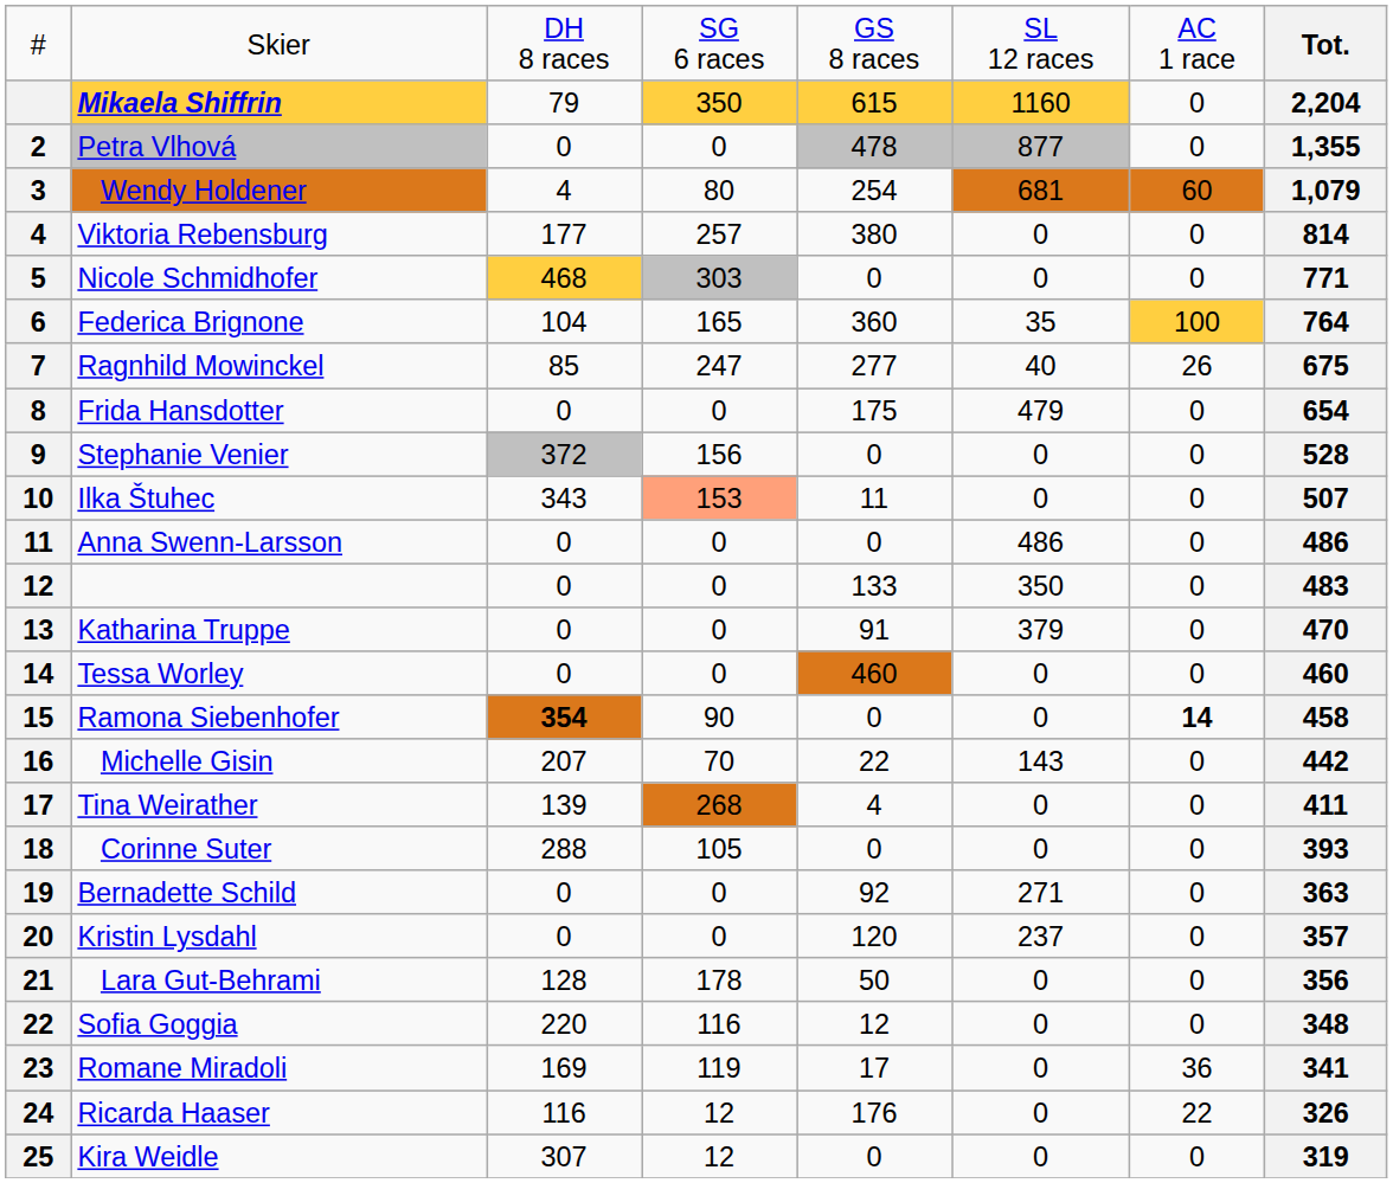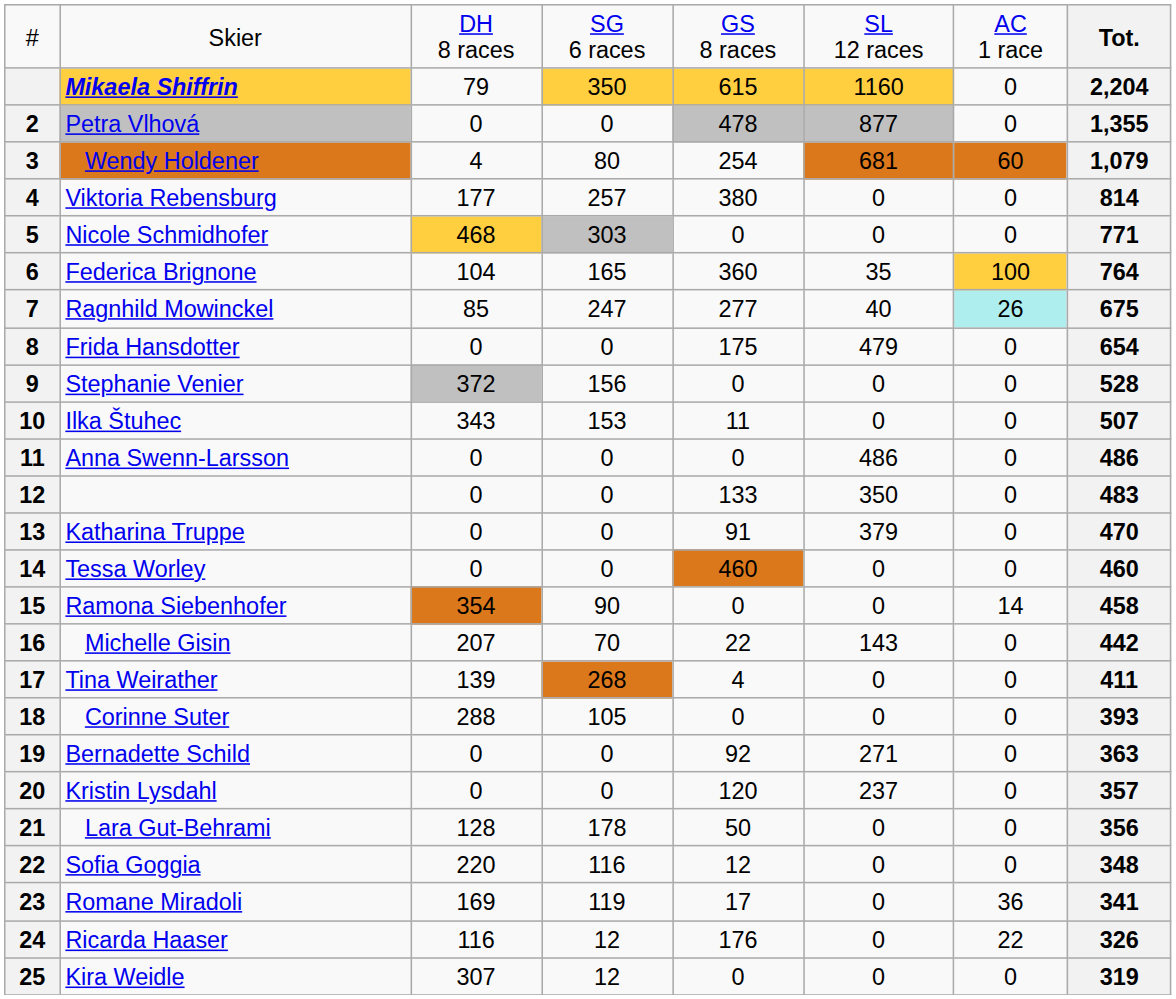 <table class="wikitable" width=60% style="font-size:95%; text-align:center;">
 <tr>
 <td>#</td>
 <td>Skier</td>
 <td><a href='#'>DH</a><br>8 races</td>
 <td><a href='#'>SG</a><br>6 races</td>
 <td><a href='#'>GS</a><br>8 races</td>
 <td><a href='#'>SL</a><br>12 races</td>
 <td><a href='#'>AC</a><br>1 race</td>
 <th>Tot.</th>
 </tr>
 <tr>
 <th></th>
 <td align=left bgcolor=ffcf40> <strong><em><a href='#'>Mikaela Shiffrin</a></em></strong></td>
 <td>79</td>
 <td bgcolor=ffcf40>350</td>
 <td bgcolor=ffcf40>615</td>
 <td bgcolor=ffcf40>1160</td>
 <td>0</td>
 <th>2,204</th>
 </tr>
 <tr>
 <th>2</th>
 <td align=left bgcolor=c0c0c0> <a href='#'>Petra Vlhová</a></td>
 <td>0</td>
 <td>0</td>
 <td bgcolor=c0c0c0>478</td>
 <td bgcolor=c0c0c0>877</td>
 <td>0</td>
 <th>1,355</th>
 </tr>
 <tr>
 <th>3</th>
 <td align=left bgcolor=db781b>   <a href='#'>Wendy Holdener</a></td>
 <td>4</td>
 <td>80</td>
 <td>254</td>
 <td bgcolor=db781b>681</td>
 <td bgcolor=db781b>60</td>
 <th>1,079</th>
 </tr>
 <tr>
 <th>4</th>
 <td align=left> <a href='#'>Viktoria Rebensburg</a></td>
 <td>177</td>
 <td>257</td>
 <td>380</td>
 <td>0</td>
 <td>0</td>
 <th>814</th>
 </tr>
 <tr>
 <th>5</th>
 <td align=left> <a href='#'>Nicole Schmidhofer</a></td>
 <td bgcolor=ffcf40>468</td>
 <td bgcolor=c0c0c0>303</td>
 <td>0</td>
 <td>0</td>
 <td>0</td>
 <th>771</th>
 </tr>
 <tr>
 <th>6</th>
 <td align=left> <a href='#'>Federica Brignone</a></td>
 <td>104</td>
 <td>165</td>
 <td>360</td>
 <td>35</td>
 <td bgcolor=ffcf40>100</td>
 <th>764</th>
 </tr>
 <tr>
 <th>7</th>
 <td align=left> <a href='#'>Ragnhild Mowinckel</a></td>
 <td>85</td>
 <td>247</td>
 <td>277</td>
 <td>40</td>
-<td>26</td>
+<td style="background: paleturquoise;">26</td>
 <th>675</th>
 </tr>
 <tr>
 <th>8</th>
 <td align=left> <a href='#'>Frida Hansdotter</a></td>
 <td>0</td>
 <td>0</td>
 <td>175</td>
 <td>479</td>
 <td>0</td>
 <th>654</th>
 </tr>
 <tr>
 <th>9</th>
 <td align=left> <a href='#'>Stephanie Venier</a></td>
 <td bgcolor=c0c0c0>372</td>
 <td>156</td>
 <td>0</td>
 <td>0</td>
 <td>0</td>
 <th>528</th>
 </tr>
 <tr>
 <th>10</th>
 <td align=left> <a href='#'>Ilka Štuhec</a></td>
 <td>343</td>
-<td style="background: lightsalmon;">153</td>
+<td>153</td>
 <td>11</td>
 <td>0</td>
 <td>0</td>
 <th>507</th>
 </tr>
 <tr>
 <th>11</th>
 <td align=left> <a href='#'>Anna Swenn-Larsson</a></td>
 <td>0</td>
 <td>0</td>
 <td>0</td>
 <td>486</td>
 <td>0</td>
 <th>486</th>
 </tr>
 <tr>
 <th>12</th>
 <td align=left></td>
 <td>0</td>
 <td>0</td>
 <td>133</td>
 <td>350</td>
 <td>0</td>
 <th>483</th>
 </tr>
 <tr>
 <th>13</th>
 <td align=left> <a href='#'>Katharina Truppe</a></td>
 <td>0</td>
 <td>0</td>
 <td>91</td>
 <td>379</td>
 <td>0</td>
 <th>470</th>
 </tr>
 <tr>
 <th>14</th>
 <td align=left> <a href='#'>Tessa Worley</a></td>
 <td>0</td>
 <td>0</td>
 <td bgcolor=db781b>460</td>
 <td>0</td>
 <td>0</td>
 <th>460</th>
 </tr>
 <tr>
 <th>15</th>
 <td align=left> <a href='#'>Ramona Siebenhofer</a></td>
-<td bgcolor=db781b><strong>354</strong></td>
+<td bgcolor=db781b>354</td>
 <td>90</td>
 <td>0</td>
 <td>0</td>
-<td><strong>14</strong></td>
+<td>14</td>
 <th>458</th>
 </tr>
 <tr>
 <th>16</th>
 <td align=left>   <a href='#'>Michelle Gisin</a></td>
 <td>207</td>
 <td>70</td>
 <td>22</td>
 <td>143</td>
 <td>0</td>
 <th>442</th>
 </tr>
 <tr>
 <th>17</th>
 <td align=left> <a href='#'>Tina Weirather</a></td>
 <td>139</td>
 <td bgcolor=db781b>268</td>
 <td>4</td>
 <td>0</td>
 <td>0</td>
 <th>411</th>
 </tr>
 <tr>
 <th>18</th>
 <td align=left>   <a href='#'>Corinne Suter</a></td>
 <td>288</td>
 <td>105</td>
 <td>0</td>
 <td>0</td>
 <td>0</td>
 <th>393</th>
 </tr>
 <tr>
 <th>19</th>
 <td align=left> <a href='#'>Bernadette Schild</a></td>
 <td>0</td>
 <td>0</td>
 <td>92</td>
 <td>271</td>
 <td>0</td>
 <th>363</th>
 </tr>
 <tr>
 <th>20</th>
 <td align=left> <a href='#'>Kristin Lysdahl</a></td>
 <td>0</td>
 <td>0</td>
 <td>120</td>
 <td>237</td>
 <td>0</td>
 <th>357</th>
 </tr>
 <tr>
 <th>21</th>
 <td align=left>   <a href='#'>Lara Gut-Behrami</a></td>
 <td>128</td>
 <td>178</td>
 <td>50</td>
 <td>0</td>
 <td>0</td>
 <th>356</th>
 </tr>
 <tr>
 <th>22</th>
 <td align=left> <a href='#'>Sofia Goggia</a></td>
 <td>220</td>
 <td>116</td>
 <td>12</td>
 <td>0</td>
 <td>0</td>
 <th>348</th>
 </tr>
 <tr>
 <th>23</th>
 <td align=left> <a href='#'>Romane Miradoli</a></td>
 <td>169</td>
 <td>119</td>
 <td>17</td>
 <td>0</td>
 <td>36</td>
 <th>341</th>
 </tr>
 <tr>
 <th>24</th>
 <td align=left> <a href='#'>Ricarda Haaser</a></td>
 <td>116</td>
 <td>12</td>
 <td>176</td>
 <td>0</td>
 <td>22</td>
 <th>326</th>
 </tr>
 <tr>
 <th>25</th>
 <td align=left> <a href='#'>Kira Weidle</a></td>
 <td>307</td>
 <td>12</td>
 <td>0</td>
 <td>0</td>
 <td>0</td>
 <th>319</th>
 </tr>
 </table>
